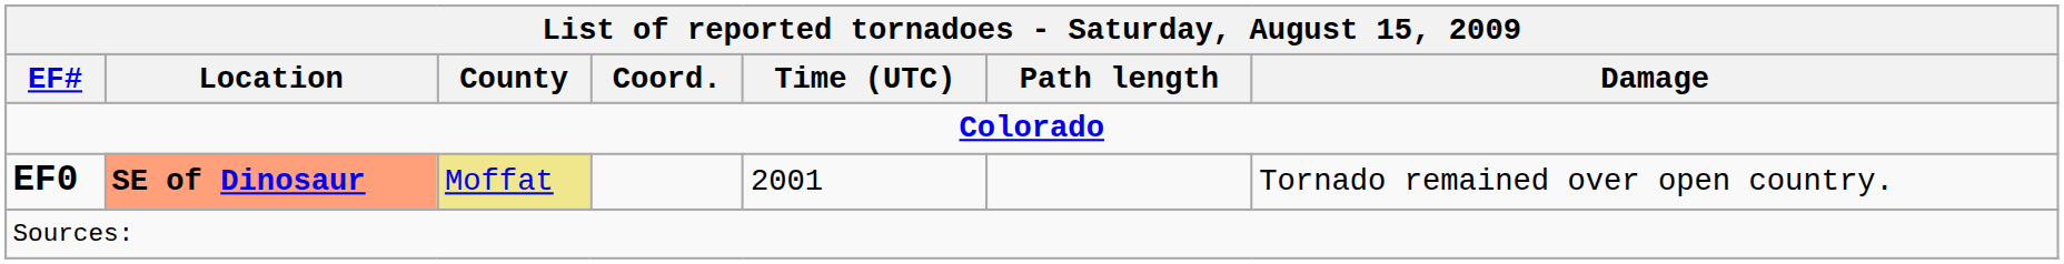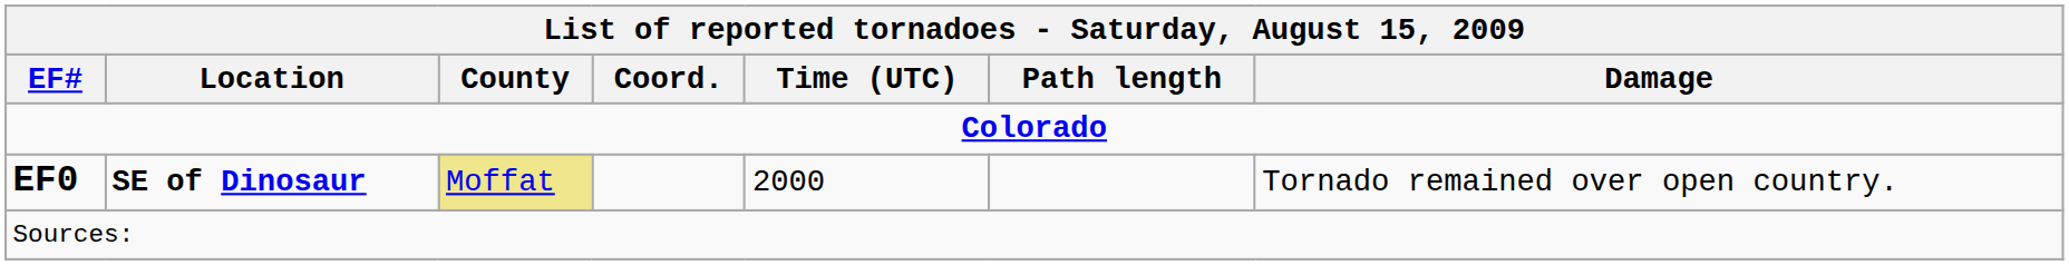 <table class="wikitable collapsible" style="width:100%;">
 <tr>
 <th colspan="7">List of reported tornadoes - Saturday, August 15, 2009</th>
 </tr>
 <tr>
 <th><a href='#'>EF#</a></th>
 <th>Location</th>
 <th>County</th>
 <th>Coord.</th>
 <th>Time (UTC)</th>
 <th>Path length</th>
 <th>Damage</th>
 </tr>
 <tr>
 <td colspan="7" style="text-align:center;"><strong><a href='#'>Colorado</a></strong></td>
 </tr>
 <tr>
 <td><big><strong>EF0</strong></big></td>
-<td style="background: lightsalmon;"><strong>SE of <a href='#'>Dinosaur</a></strong></td>
+<td><strong>SE of <a href='#'>Dinosaur</a></strong></td>
 <td style="background: khaki;"><a href='#'>Moffat</a></td>
 <td></td>
-<td>2001</td>
+<td>2000</td>
 <td></td>
 <td>Tornado remained over open country.</td>
 </tr>
 <tr>
 <td colspan="7"><small>Sources: </small></td>
 </tr>
 </table>
